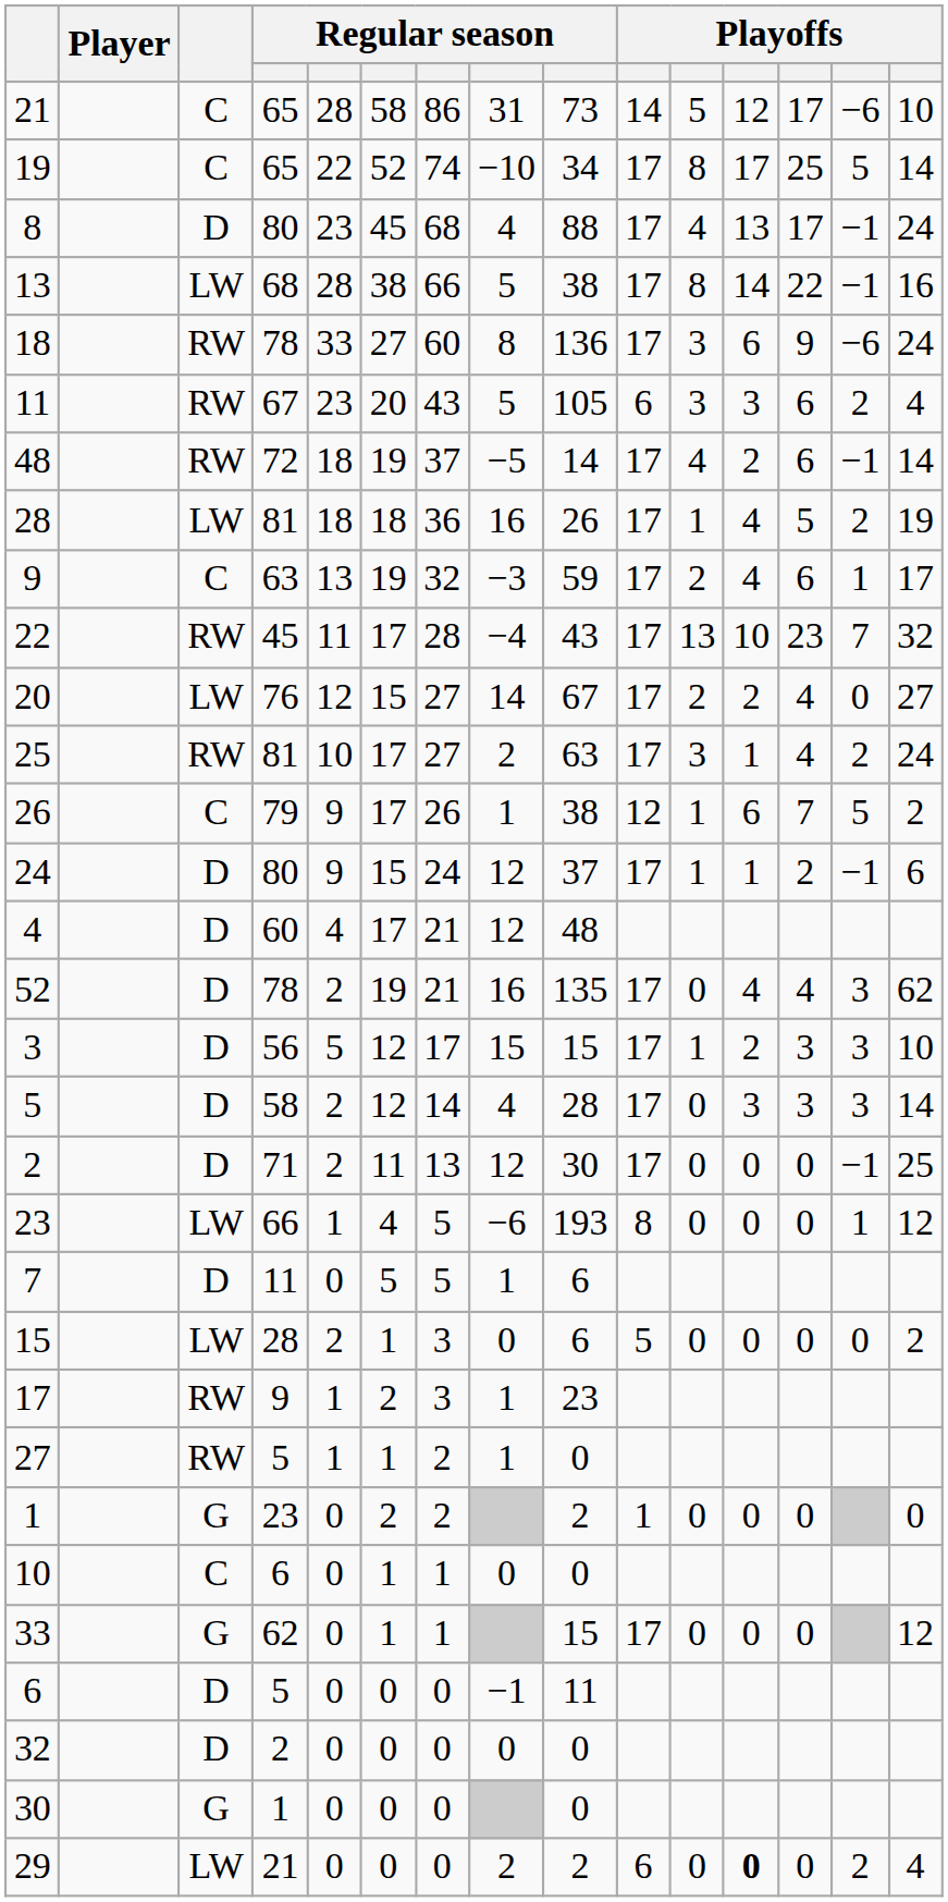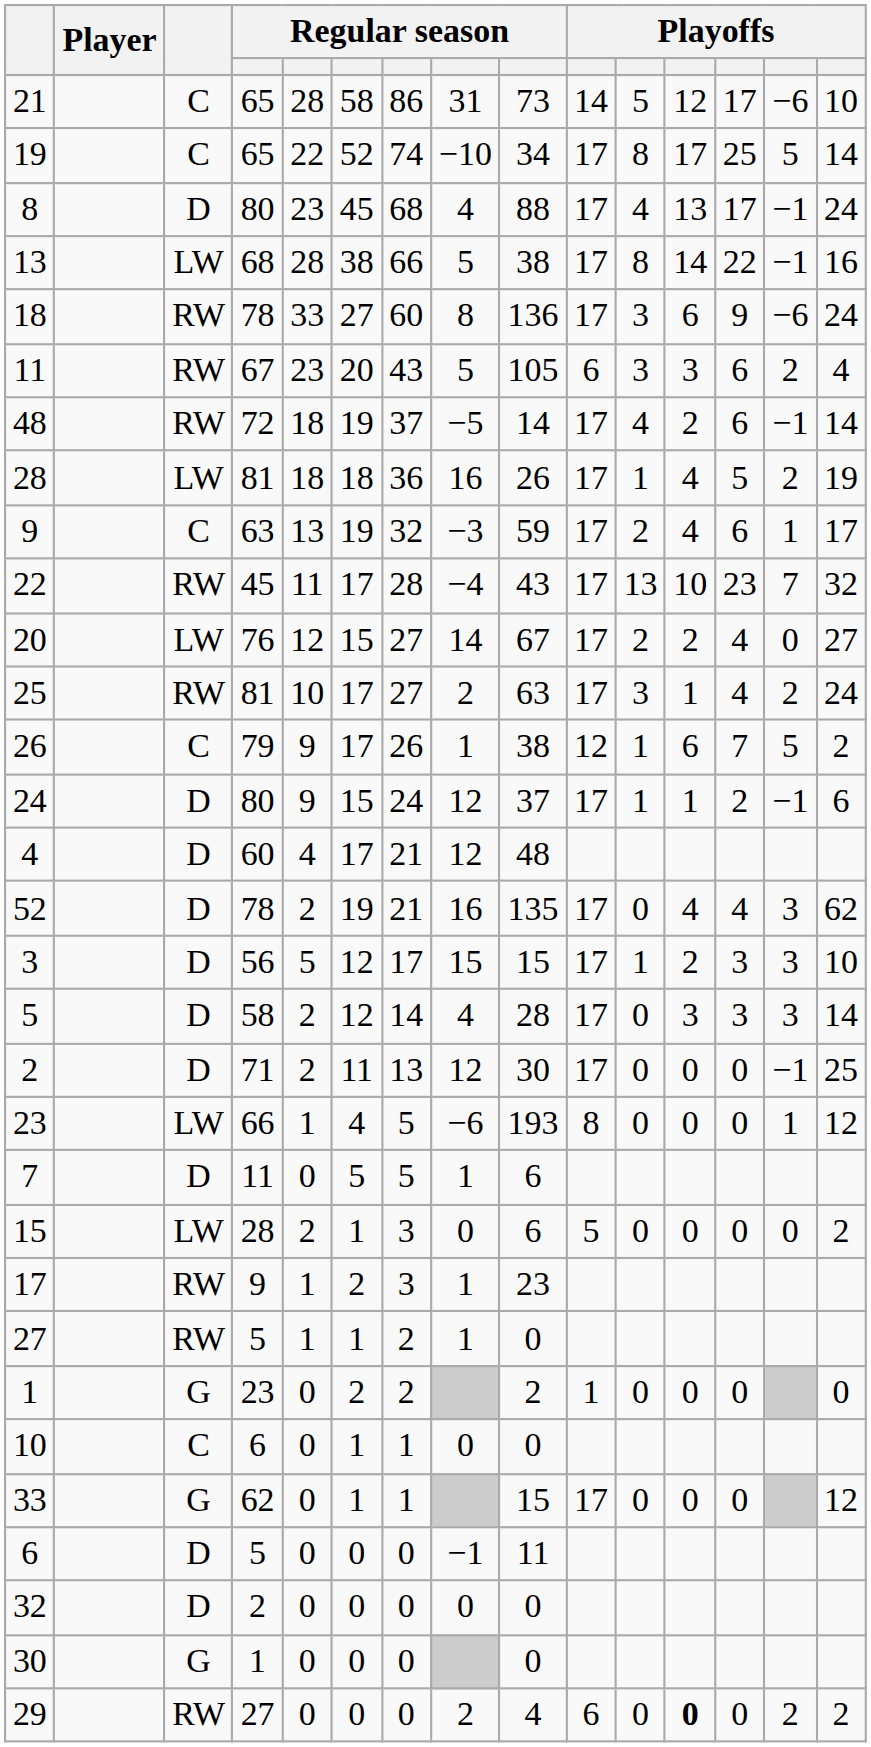 <table class="wikitable sortable plainrowheaders" style="text-align:center;">
 <tr>
 <th scope="col" data-sort-type="number" rowspan="2"></th>
 <th scope="col" rowspan="2">Player</th>
 <th scope="col" rowspan="2"></th>
 <th scope=colgroup colspan=6>Regular season</th>
 <th scope=colgroup colspan=6>Playoffs</th>
 </tr>
 <tr>
 <th scope="col" data-sort-type="number"></th>
 <th scope="col" data-sort-type="number"></th>
 <th scope="col" data-sort-type="number"></th>
 <th scope="col" data-sort-type="number"></th>
 <th scope="col" data-sort-type="number"></th>
 <th scope="col" data-sort-type="number"></th>
 <th scope="col" data-sort-type="number"></th>
 <th scope="col" data-sort-type="number"></th>
 <th scope="col" data-sort-type="number"></th>
 <th scope="col" data-sort-type="number"></th>
 <th scope="col" data-sort-type="number"></th>
 <th scope="col" data-sort-type="number"></th>
 </tr>
 <tr>
 <td scope="row">21</td>
 <td align="left"></td>
 <td>C</td>
 <td>65</td>
 <td>28</td>
 <td>58</td>
 <td>86</td>
 <td>31</td>
 <td>73</td>
 <td>14</td>
 <td>5</td>
 <td>12</td>
 <td>17</td>
 <td>−6</td>
 <td>10</td>
 </tr>
 <tr>
 <td scope="row">19</td>
 <td align="left"></td>
 <td>C</td>
 <td>65</td>
 <td>22</td>
 <td>52</td>
 <td>74</td>
 <td>−10</td>
 <td>34</td>
 <td>17</td>
 <td>8</td>
 <td>17</td>
 <td>25</td>
 <td>5</td>
 <td>14</td>
 </tr>
 <tr>
 <td scope="row">8</td>
 <td align="left"></td>
 <td>D</td>
 <td>80</td>
 <td>23</td>
 <td>45</td>
 <td>68</td>
 <td>4</td>
 <td>88</td>
 <td>17</td>
 <td>4</td>
 <td>13</td>
 <td>17</td>
 <td>−1</td>
 <td>24</td>
 </tr>
 <tr>
 <td scope="row">13</td>
 <td align="left"></td>
 <td>LW</td>
 <td>68</td>
 <td>28</td>
 <td>38</td>
 <td>66</td>
 <td>5</td>
 <td>38</td>
 <td>17</td>
 <td>8</td>
 <td>14</td>
 <td>22</td>
 <td>−1</td>
 <td>16</td>
 </tr>
 <tr>
 <td scope="row">18</td>
 <td align="left"></td>
 <td>RW</td>
 <td>78</td>
 <td>33</td>
 <td>27</td>
 <td>60</td>
 <td>8</td>
 <td>136</td>
 <td>17</td>
 <td>3</td>
 <td>6</td>
 <td>9</td>
 <td>−6</td>
 <td>24</td>
 </tr>
 <tr>
 <td scope="row">11</td>
 <td align="left"></td>
 <td>RW</td>
 <td>67</td>
 <td>23</td>
 <td>20</td>
 <td>43</td>
 <td>5</td>
 <td>105</td>
 <td>6</td>
 <td>3</td>
 <td>3</td>
 <td>6</td>
 <td>2</td>
 <td>4</td>
 </tr>
 <tr>
 <td scope="row">48</td>
 <td align="left"></td>
 <td>RW</td>
 <td>72</td>
 <td>18</td>
 <td>19</td>
 <td>37</td>
 <td>−5</td>
 <td>14</td>
 <td>17</td>
 <td>4</td>
 <td>2</td>
 <td>6</td>
 <td>−1</td>
 <td>14</td>
 </tr>
 <tr>
 <td scope="row">28</td>
 <td align="left"></td>
 <td>LW</td>
 <td>81</td>
 <td>18</td>
 <td>18</td>
 <td>36</td>
 <td>16</td>
 <td>26</td>
 <td>17</td>
 <td>1</td>
 <td>4</td>
 <td>5</td>
 <td>2</td>
 <td>19</td>
 </tr>
 <tr>
 <td scope="row">9</td>
 <td align="left"></td>
 <td>C</td>
 <td>63</td>
 <td>13</td>
 <td>19</td>
 <td>32</td>
 <td>−3</td>
 <td>59</td>
 <td>17</td>
 <td>2</td>
 <td>4</td>
 <td>6</td>
 <td>1</td>
 <td>17</td>
 </tr>
 <tr>
 <td scope="row">22</td>
 <td align="left"></td>
 <td>RW</td>
 <td>45</td>
 <td>11</td>
 <td>17</td>
 <td>28</td>
 <td>−4</td>
 <td>43</td>
 <td>17</td>
 <td>13</td>
 <td>10</td>
 <td>23</td>
 <td>7</td>
 <td>32</td>
 </tr>
 <tr>
 <td scope="row">20</td>
 <td align="left"></td>
 <td>LW</td>
 <td>76</td>
 <td>12</td>
 <td>15</td>
 <td>27</td>
 <td>14</td>
 <td>67</td>
 <td>17</td>
 <td>2</td>
 <td>2</td>
 <td>4</td>
 <td>0</td>
 <td>27</td>
 </tr>
 <tr>
 <td scope="row">25</td>
 <td align="left"></td>
 <td>RW</td>
 <td>81</td>
 <td>10</td>
 <td>17</td>
 <td>27</td>
 <td>2</td>
 <td>63</td>
 <td>17</td>
 <td>3</td>
 <td>1</td>
 <td>4</td>
 <td>2</td>
 <td>24</td>
 </tr>
 <tr>
 <td scope="row">26</td>
 <td align="left"></td>
 <td>C</td>
 <td>79</td>
 <td>9</td>
 <td>17</td>
 <td>26</td>
 <td>1</td>
 <td>38</td>
 <td>12</td>
 <td>1</td>
 <td>6</td>
 <td>7</td>
 <td>5</td>
 <td>2</td>
 </tr>
 <tr>
 <td scope="row">24</td>
 <td align="left"></td>
 <td>D</td>
 <td>80</td>
 <td>9</td>
 <td>15</td>
 <td>24</td>
 <td>12</td>
 <td>37</td>
 <td>17</td>
 <td>1</td>
 <td>1</td>
 <td>2</td>
 <td>−1</td>
 <td>6</td>
 </tr>
 <tr>
 <td scope="row">4</td>
 <td align="left"></td>
 <td>D</td>
 <td>60</td>
 <td>4</td>
 <td>17</td>
 <td>21</td>
 <td>12</td>
 <td>48</td>
 <td></td>
 <td></td>
 <td></td>
 <td></td>
 <td></td>
 <td></td>
 </tr>
 <tr>
 <td scope="row">52</td>
 <td align="left"></td>
 <td>D</td>
 <td>78</td>
 <td>2</td>
 <td>19</td>
 <td>21</td>
 <td>16</td>
 <td>135</td>
 <td>17</td>
 <td>0</td>
 <td>4</td>
 <td>4</td>
 <td>3</td>
 <td>62</td>
 </tr>
 <tr>
 <td scope="row">3</td>
 <td align="left"></td>
 <td>D</td>
 <td>56</td>
 <td>5</td>
 <td>12</td>
 <td>17</td>
 <td>15</td>
 <td>15</td>
 <td>17</td>
 <td>1</td>
 <td>2</td>
 <td>3</td>
 <td>3</td>
 <td>10</td>
 </tr>
 <tr>
 <td scope="row">5</td>
 <td align="left"></td>
 <td>D</td>
 <td>58</td>
 <td>2</td>
 <td>12</td>
 <td>14</td>
 <td>4</td>
 <td>28</td>
 <td>17</td>
 <td>0</td>
 <td>3</td>
 <td>3</td>
 <td>3</td>
 <td>14</td>
 </tr>
 <tr>
 <td scope="row">2</td>
 <td align="left"></td>
 <td>D</td>
 <td>71</td>
 <td>2</td>
 <td>11</td>
 <td>13</td>
 <td>12</td>
 <td>30</td>
 <td>17</td>
 <td>0</td>
 <td>0</td>
 <td>0</td>
 <td>−1</td>
 <td>25</td>
 </tr>
 <tr>
 <td scope="row">23</td>
 <td align="left"></td>
 <td>LW</td>
 <td>66</td>
 <td>1</td>
 <td>4</td>
 <td>5</td>
 <td>−6</td>
 <td>193</td>
 <td>8</td>
 <td>0</td>
 <td>0</td>
 <td>0</td>
 <td>1</td>
 <td>12</td>
 </tr>
 <tr>
 <td scope="row">7</td>
 <td align="left"></td>
 <td>D</td>
 <td>11</td>
 <td>0</td>
 <td>5</td>
 <td>5</td>
 <td>1</td>
 <td>6</td>
 <td></td>
 <td></td>
 <td></td>
 <td></td>
 <td></td>
 <td></td>
 </tr>
 <tr>
 <td scope="row">15</td>
 <td align="left"></td>
 <td>LW</td>
 <td>28</td>
 <td>2</td>
 <td>1</td>
 <td>3</td>
 <td>0</td>
 <td>6</td>
 <td>5</td>
 <td>0</td>
 <td>0</td>
 <td>0</td>
 <td>0</td>
 <td>2</td>
 </tr>
 <tr>
 <td scope="row">17</td>
 <td align="left"></td>
 <td>RW</td>
 <td>9</td>
 <td>1</td>
 <td>2</td>
 <td>3</td>
 <td>1</td>
 <td>23</td>
 <td></td>
 <td></td>
 <td></td>
 <td></td>
 <td></td>
 <td></td>
 </tr>
 <tr>
 <td scope="row">27</td>
 <td align="left"></td>
 <td>RW</td>
 <td>5</td>
 <td>1</td>
 <td>1</td>
 <td>2</td>
 <td>1</td>
 <td>0</td>
 <td></td>
 <td></td>
 <td></td>
 <td></td>
 <td></td>
 <td></td>
 </tr>
 <tr>
 <td scope="row">1</td>
 <td align="left"></td>
 <td>G</td>
 <td>23</td>
 <td>0</td>
 <td>2</td>
 <td>2</td>
 <td style="background:#ccc"></td>
 <td>2</td>
 <td>1</td>
 <td>0</td>
 <td>0</td>
 <td>0</td>
 <td style="background:#ccc"></td>
 <td>0</td>
 </tr>
 <tr>
 <td scope="row">10</td>
 <td align="left"></td>
 <td>C</td>
 <td>6</td>
 <td>0</td>
 <td>1</td>
 <td>1</td>
 <td>0</td>
 <td>0</td>
 <td></td>
 <td></td>
 <td></td>
 <td></td>
 <td></td>
 <td></td>
 </tr>
 <tr>
 <td scope="row">33</td>
 <td align="left"></td>
 <td>G</td>
 <td>62</td>
 <td>0</td>
 <td>1</td>
 <td>1</td>
 <td style="background:#ccc"></td>
 <td>15</td>
 <td>17</td>
 <td>0</td>
 <td>0</td>
 <td>0</td>
 <td style="background:#ccc"></td>
 <td>12</td>
 </tr>
 <tr>
 <td scope="row">6</td>
 <td align="left"></td>
 <td>D</td>
 <td>5</td>
 <td>0</td>
 <td>0</td>
 <td>0</td>
 <td>−1</td>
 <td>11</td>
 <td></td>
 <td></td>
 <td></td>
 <td></td>
 <td></td>
 <td></td>
 </tr>
 <tr>
 <td scope="row">32</td>
 <td align="left"></td>
 <td>D</td>
 <td>2</td>
 <td>0</td>
 <td>0</td>
 <td>0</td>
 <td>0</td>
 <td>0</td>
 <td></td>
 <td></td>
 <td></td>
 <td></td>
 <td></td>
 <td></td>
 </tr>
 <tr>
 <td scope="row">30</td>
 <td align="left"></td>
 <td>G</td>
 <td>1</td>
 <td>0</td>
 <td>0</td>
 <td>0</td>
 <td style="background:#ccc"></td>
 <td>0</td>
 <td></td>
 <td></td>
 <td></td>
 <td></td>
 <td></td>
 <td></td>
 </tr>
 <tr>
 <td scope="row">29</td>
 <td align="left"></td>
-<td>LW</td>
-<td>21</td>
+<td>RW</td>
+<td>27</td>
 <td>0</td>
 <td>0</td>
 <td>0</td>
 <td>2</td>
-<td>2</td>
+<td>4</td>
 <td>6</td>
 <td>0</td>
 <td><strong>0</strong></td>
 <td>0</td>
 <td>2</td>
-<td>4</td>
+<td>2</td>
 </tr>
 </table>
